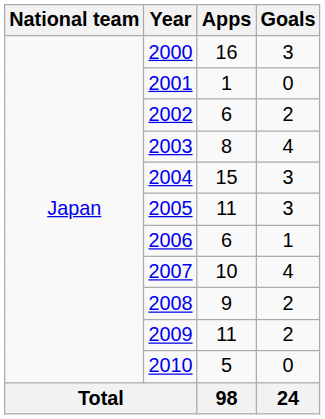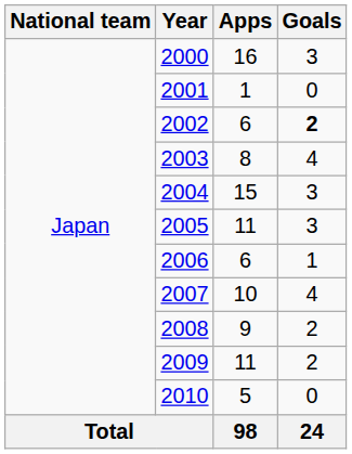 <table class="wikitable" style="text-align:center">
 <tr>
 <th>National team</th>
 <th>Year</th>
 <th>Apps</th>
 <th>Goals</th>
 </tr>
 <tr>
 <td rowspan="11"><a href='#'>Japan</a></td>
 <td><a href='#'>2000</a></td>
 <td>16</td>
 <td>3</td>
 </tr>
 <tr>
 <td><a href='#'>2001</a></td>
 <td>1</td>
 <td>0</td>
 </tr>
 <tr>
 <td><a href='#'>2002</a></td>
 <td>6</td>
-<td>2</td>
+<td><strong>2</strong></td>
 </tr>
 <tr>
 <td><a href='#'>2003</a></td>
 <td>8</td>
 <td>4</td>
 </tr>
 <tr>
 <td><a href='#'>2004</a></td>
 <td>15</td>
 <td>3</td>
 </tr>
 <tr>
 <td><a href='#'>2005</a></td>
 <td>11</td>
 <td>3</td>
 </tr>
 <tr>
 <td><a href='#'>2006</a></td>
 <td>6</td>
 <td>1</td>
 </tr>
 <tr>
 <td><a href='#'>2007</a></td>
 <td>10</td>
 <td>4</td>
 </tr>
 <tr>
 <td><a href='#'>2008</a></td>
 <td>9</td>
 <td>2</td>
 </tr>
 <tr>
 <td><a href='#'>2009</a></td>
 <td>11</td>
 <td>2</td>
 </tr>
 <tr>
 <td><a href='#'>2010</a></td>
 <td>5</td>
 <td>0</td>
 </tr>
 <tr>
 <th colspan="2">Total</th>
 <th>98</th>
 <th>24</th>
 </tr>
 </table>
